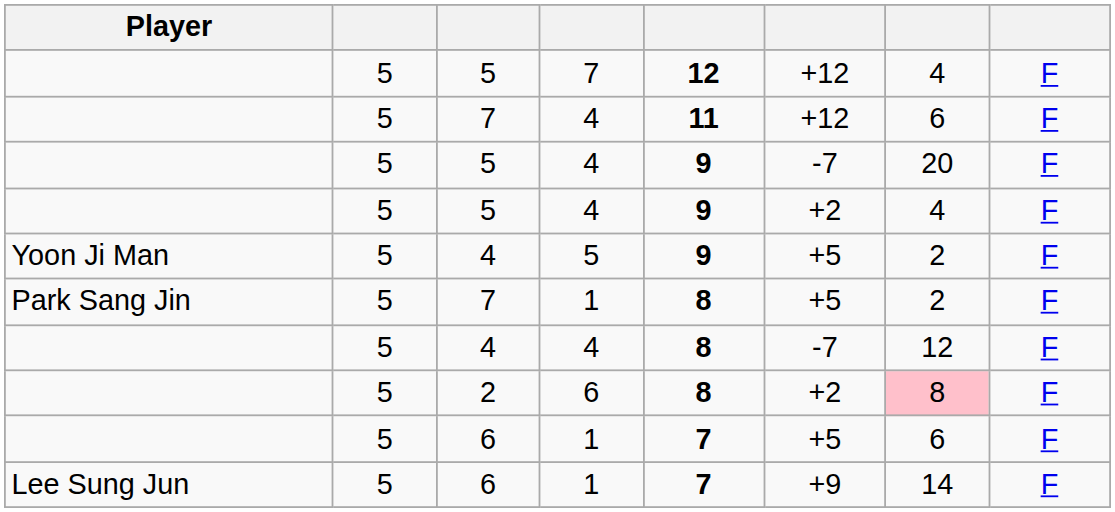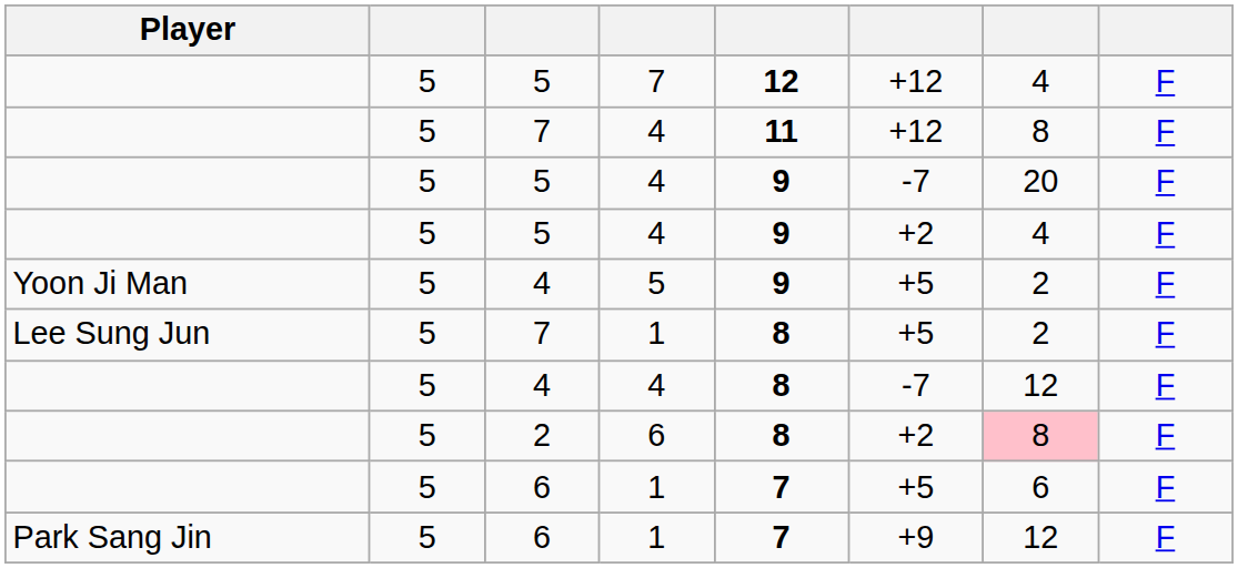 <table class="wikitable sortable" style="text-align:center;">
 <tr>
 <th width="175px">Player</th>
 <th width="50px"></th>
 <th width="50px"></th>
 <th width="50px"></th>
 <th width="60px"></th>
 <th width="60px"></th>
 <th width="50px"></th>
 <th width="60px"></th>
 </tr>
 <tr>
 <td align="left"> </td>
 <td>5</td>
 <td>5</td>
 <td>7</td>
 <td><strong>12</strong></td>
 <td>+12</td>
 <td>4</td>
 <td><a href='#'>F</a></td>
 </tr>
 <tr>
 <td align="left"> </td>
 <td>5</td>
 <td>7</td>
 <td>4</td>
 <td><strong>11</strong></td>
 <td>+12</td>
-<td>6</td>
+<td>8</td>
 <td><a href='#'>F</a></td>
 </tr>
 <tr>
 <td align="left"> </td>
 <td>5</td>
 <td>5</td>
 <td>4</td>
 <td><strong>9</strong></td>
 <td>-7</td>
 <td>20</td>
 <td><a href='#'>F</a></td>
 </tr>
 <tr>
 <td align="left"> </td>
 <td>5</td>
 <td>5</td>
 <td>4</td>
 <td><strong>9</strong></td>
 <td>+2</td>
 <td>4</td>
 <td><a href='#'>F</a></td>
 </tr>
 <tr>
 <td align="left"> Yoon Ji Man</td>
 <td>5</td>
 <td>4</td>
 <td>5</td>
 <td><strong>9</strong></td>
 <td>+5</td>
 <td>2</td>
 <td><a href='#'>F</a></td>
 </tr>
 <tr>
-<td align="left"> Park Sang Jin</td>
+<td align="left"> Lee Sung Jun</td>
 <td>5</td>
 <td>7</td>
 <td>1</td>
 <td><strong>8</strong></td>
 <td>+5</td>
 <td>2</td>
 <td><a href='#'>F</a></td>
 </tr>
 <tr>
 <td align="left"> </td>
 <td>5</td>
 <td>4</td>
 <td>4</td>
 <td><strong>8</strong></td>
 <td>-7</td>
 <td>12</td>
 <td><a href='#'>F</a></td>
 </tr>
 <tr>
 <td align="left"> </td>
 <td>5</td>
 <td>2</td>
 <td>6</td>
 <td><strong>8</strong></td>
 <td>+2</td>
 <td style="background: pink;">8</td>
 <td><a href='#'>F</a></td>
 </tr>
 <tr>
 <td align="left"> </td>
 <td>5</td>
 <td>6</td>
 <td>1</td>
 <td><strong>7</strong></td>
 <td>+5</td>
 <td>6</td>
 <td><a href='#'>F</a></td>
 </tr>
 <tr>
-<td align="left"> Lee Sung Jun</td>
+<td align="left"> Park Sang Jin</td>
 <td>5</td>
 <td>6</td>
 <td>1</td>
 <td><strong>7</strong></td>
 <td>+9</td>
-<td>14</td>
+<td>12</td>
 <td><a href='#'>F</a></td>
 </tr>
 </table>
